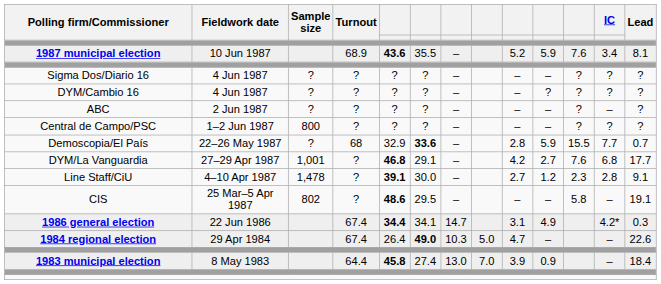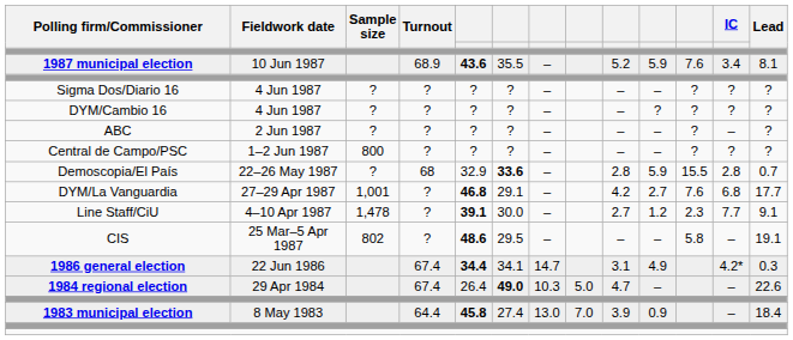 <table class="wikitable collapsible collapsed" style="text-align:center; font-size:95%; line-height:16px;">
 <tr style="height:42px;">
 <th style="width:250px;" rowspan="2">Polling firm/Commissioner</th>
 <th style="width:125px;" rowspan="2">Fieldwork date</th>
 <th style="width:50px;" rowspan="2">Sample size</th>
 <th style="width:45px;" rowspan="2">Turnout</th>
 <th style="width:35px;"></th>
 <th style="width:35px;"></th>
 <th style="width:35px;"></th>
 <th style="width:35px;"></th>
 <th style="width:35px;"></th>
 <th style="width:35px;"></th>
 <th style="width:35px;"></th>
 <th style="width:35px;"><a href='#'>IC</a></th>
 <th style="width:30px;" rowspan="2">Lead</th>
 </tr>
 <tr>
 <th style="color:inherit;background:"></th>
 <th style="color:inherit;background:"></th>
 <th style="color:inherit;background:"></th>
 <th style="color:inherit;background:"></th>
 <th style="color:inherit;background:"></th>
 <th style="color:inherit;background:"></th>
 <th style="color:inherit;background:"></th>
 <th style="color:inherit;background:"></th>
 </tr>
 <tr>
 <td colspan="13" style="background:#A0A0A0"></td>
 </tr>
 <tr style="background:#EFEFEF;">
 <td><strong><a href='#'>1987 municipal election</a></strong></td>
 <td>10 Jun 1987</td>
 <td></td>
 <td>68.9</td>
 <td><strong>43.6</strong><br></td>
 <td>35.5<br></td>
 <td>–</td>
 <td></td>
 <td>5.2<br></td>
 <td>5.9<br></td>
 <td>7.6<br></td>
 <td>3.4<br></td>
 <td style="background:">8.1</td>
 </tr>
 <tr>
 <td colspan="13" style="background:#A0A0A0"></td>
 </tr>
 <tr>
 <td>Sigma Dos/Diario 16</td>
 <td>4 Jun 1987</td>
 <td>?</td>
 <td>?</td>
 <td>?<br></td>
 <td>?<br></td>
 <td>–</td>
 <td></td>
 <td>–</td>
 <td>–</td>
 <td>?<br></td>
 <td>?<br></td>
 <td style="background:">?</td>
 </tr>
 <tr>
 <td>DYM/Cambio 16</td>
 <td>4 Jun 1987</td>
 <td>?</td>
 <td>?</td>
 <td>?<br></td>
 <td>?<br></td>
 <td>–</td>
 <td></td>
 <td>–</td>
 <td>?<br></td>
 <td>?<br></td>
 <td>?<br></td>
 <td style="background:">?</td>
 </tr>
 <tr>
 <td>ABC</td>
 <td>2 Jun 1987</td>
 <td>?</td>
 <td>?</td>
 <td>?<br></td>
 <td>?<br></td>
 <td>–</td>
 <td></td>
 <td>–</td>
 <td>–</td>
 <td>?<br></td>
 <td>–</td>
 <td style="background:">?</td>
 </tr>
 <tr>
 <td>Central de Campo/PSC</td>
 <td>1–2 Jun 1987</td>
 <td>800</td>
 <td>?</td>
 <td>?<br></td>
 <td>?<br></td>
 <td>–</td>
 <td></td>
 <td>–</td>
 <td>–</td>
 <td>?<br></td>
 <td>?<br></td>
 <td style="background:">?</td>
 </tr>
 <tr>
 <td>Demoscopia/El País</td>
 <td>22–26 May 1987</td>
 <td>?</td>
 <td>68</td>
 <td>32.9<br></td>
 <td><strong>33.6</strong><br></td>
 <td>–</td>
 <td></td>
 <td>2.8<br></td>
 <td>5.9<br></td>
 <td>15.5<br></td>
-<td>7.7<br></td>
+<td>2.8</td>
 <td style="background:">0.7</td>
 </tr>
 <tr>
 <td>DYM/La Vanguardia</td>
 <td>27–29 Apr 1987</td>
 <td>1,001</td>
 <td>?</td>
 <td><strong>46.8</strong><br></td>
 <td>29.1<br></td>
 <td>–</td>
 <td></td>
 <td>4.2<br></td>
 <td>2.7<br></td>
 <td>7.6<br></td>
 <td>6.8<br></td>
 <td style="background:">17.7</td>
 </tr>
 <tr>
 <td>Line Staff/CiU</td>
 <td>4–10 Apr 1987</td>
 <td>1,478</td>
 <td>?</td>
 <td><strong>39.1</strong></td>
 <td>30.0</td>
 <td>–</td>
 <td></td>
 <td>2.7</td>
 <td>1.2</td>
 <td>2.3</td>
-<td>2.8</td>
+<td>7.7<br></td>
 <td style="background:">9.1</td>
 </tr>
 <tr>
 <td>CIS</td>
 <td>25 Mar–5 Apr 1987</td>
 <td>802</td>
 <td>?</td>
 <td><strong>48.6</strong><br></td>
 <td>29.5<br></td>
 <td>–</td>
 <td></td>
 <td>–</td>
 <td>–</td>
 <td>5.8<br></td>
 <td>–</td>
 <td style="background:">19.1</td>
 </tr>
 <tr style="background:#EFEFEF;">
 <td><strong><a href='#'>1986 general election</a></strong></td>
 <td>22 Jun 1986</td>
 <td></td>
 <td>67.4</td>
 <td><strong>34.4</strong><br></td>
 <td>34.1<br></td>
 <td>14.7<br></td>
 <td></td>
 <td>3.1<br></td>
 <td>4.9<br></td>
 <td></td>
 <td>4.2*<br></td>
 <td style="background:">0.3</td>
 </tr>
 <tr style="background:#EFEFEF;">
 <td><strong><a href='#'>1984 regional election</a></strong></td>
 <td>29 Apr 1984</td>
 <td></td>
 <td>67.4</td>
 <td>26.4<br></td>
 <td><strong>49.0</strong><br></td>
 <td>10.3<br></td>
 <td>5.0<br></td>
 <td>4.7<br></td>
 <td>–</td>
 <td></td>
 <td>–</td>
 <td style="background:">22.6</td>
 </tr>
 <tr>
 <td colspan="13" style="background:#A0A0A0"></td>
 </tr>
 <tr style="background:#EFEFEF;">
 <td><strong><a href='#'>1983 municipal election</a></strong></td>
 <td>8 May 1983</td>
 <td></td>
 <td>64.4</td>
 <td><strong>45.8</strong><br></td>
 <td>27.4<br></td>
 <td>13.0<br></td>
 <td>7.0<br></td>
 <td>3.9<br></td>
 <td>0.9<br></td>
 <td></td>
 <td>–</td>
 <td style="background:">18.4</td>
 </tr>
 <tr>
 <td colspan="13" style="background:#A0A0A0"></td>
 </tr>
 <tr>
 <td align="left" colspan="13"></td>
 </tr>
 </table>
